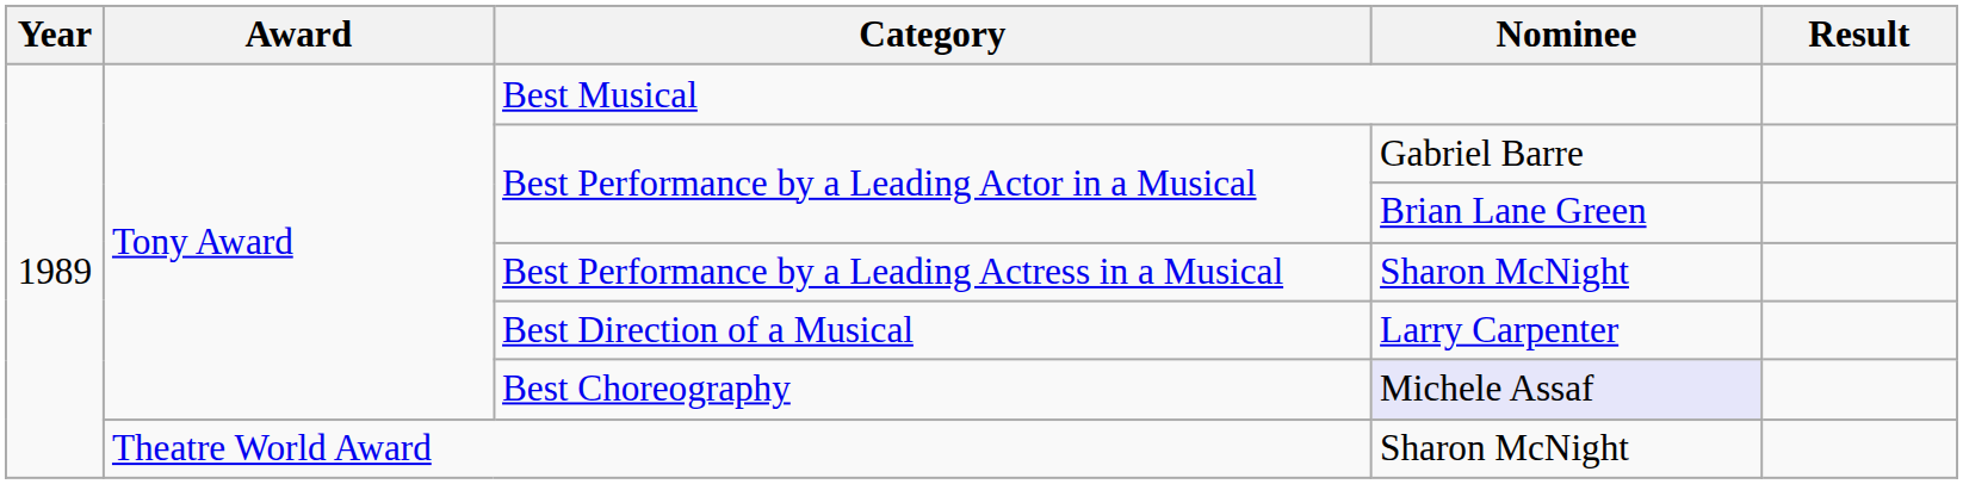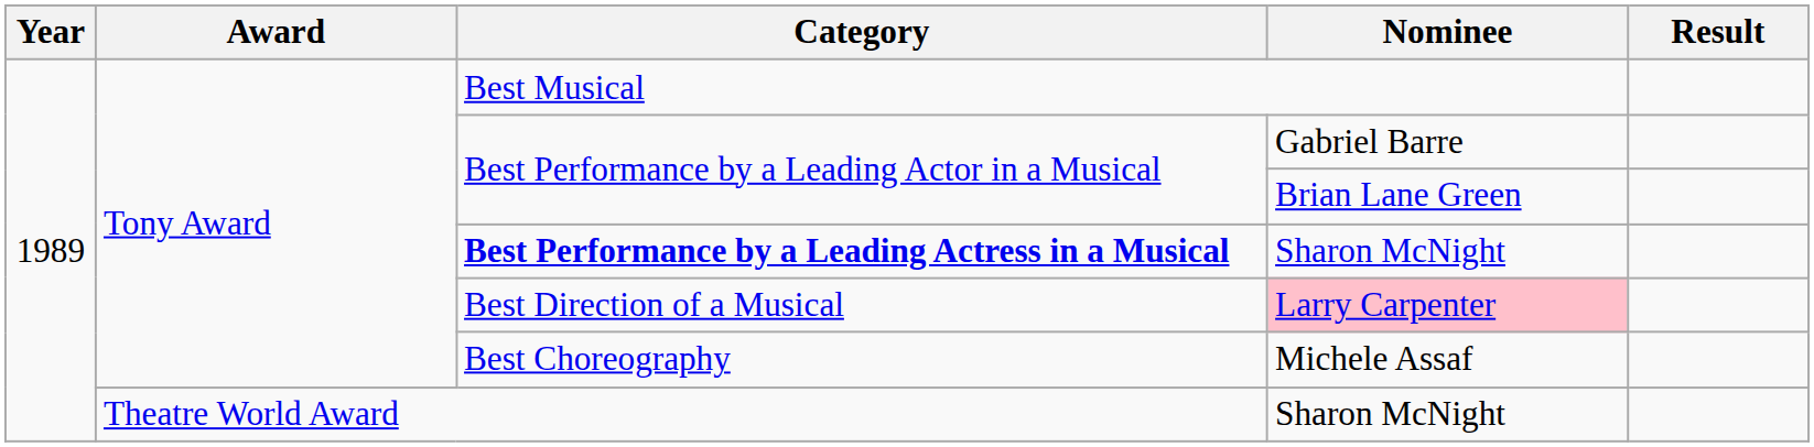 <table class="wikitable" width="95%">
 <tr>
 <th width="5%">Year</th>
 <th width="20%">Award</th>
 <th width="45%">Category</th>
 <th width="20%">Nominee</th>
 <th width="10%">Result</th>
 </tr>
 <tr>
 <td rowspan="7" align="center">1989</td>
 <td rowspan="6"><a href='#'>Tony Award</a></td>
 <td colspan="2"><a href='#'>Best Musical</a></td>
 <td></td>
 </tr>
 <tr>
 <td rowspan="2"><a href='#'>Best Performance by a Leading Actor in a Musical</a></td>
 <td>Gabriel Barre</td>
 <td></td>
 </tr>
 <tr>
 <td><a href='#'>Brian Lane Green</a></td>
 <td></td>
 </tr>
 <tr>
-<td><a href='#'>Best Performance by a Leading Actress in a Musical</a></td>
+<td><strong><a href='#'>Best Performance by a Leading Actress in a Musical</a></strong></td>
 <td><a href='#'>Sharon McNight</a></td>
 <td></td>
 </tr>
 <tr>
 <td><a href='#'>Best Direction of a Musical</a></td>
-<td><a href='#'>Larry Carpenter</a></td>
+<td style="background: pink;"><a href='#'>Larry Carpenter</a></td>
 <td></td>
 </tr>
 <tr>
 <td><a href='#'>Best Choreography</a></td>
-<td style="background: lavender;">Michele Assaf</td>
+<td>Michele Assaf</td>
 <td></td>
 </tr>
 <tr>
 <td colspan="2"><a href='#'>Theatre World Award</a></td>
 <td>Sharon McNight</td>
 <td></td>
 </tr>
 </table>
